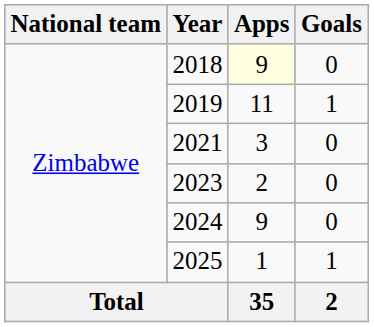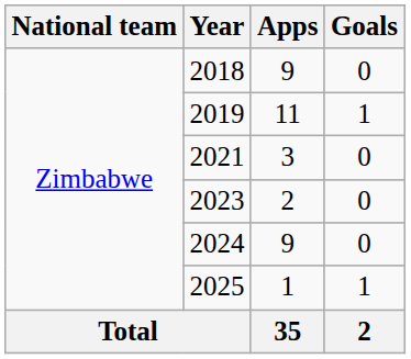 <table class="wikitable" style="text-align: center;">
 <tr>
 <th>National team</th>
 <th>Year</th>
 <th>Apps</th>
 <th>Goals</th>
 </tr>
 <tr>
 <td rowspan="6"><a href='#'>Zimbabwe</a></td>
 <td>2018</td>
-<td style="background: lightyellow;">9</td>
+<td>9</td>
 <td>0</td>
 </tr>
 <tr>
 <td>2019</td>
 <td>11</td>
 <td>1</td>
 </tr>
 <tr>
 <td>2021</td>
 <td>3</td>
 <td>0</td>
 </tr>
 <tr>
 <td>2023</td>
 <td>2</td>
 <td>0</td>
 </tr>
 <tr>
 <td>2024</td>
 <td>9</td>
 <td>0</td>
 </tr>
 <tr>
 <td>2025</td>
 <td>1</td>
 <td>1</td>
 </tr>
 <tr>
 <th colspan="2">Total</th>
 <th>35</th>
 <th>2</th>
 </tr>
 </table>
